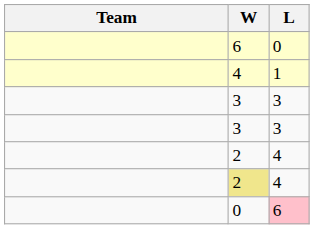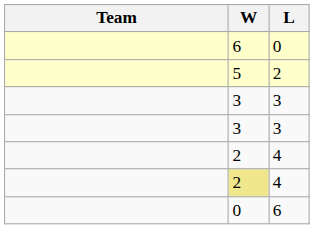 <table class="wikitable">
 <tr>
 <th width="200px">Team</th>
 <th width="30px">W</th>
 <th width="30px">L</th>
 </tr>
 <tr bgcolor=#ffffcc>
 <td></td>
 <td>6</td>
 <td>0</td>
 </tr>
 <tr bgcolor=#ffffcc>
 <td></td>
-<td>4</td>
-<td>1</td>
+<td>5</td>
+<td>2</td>
 </tr>
 <tr>
 <td></td>
 <td>3</td>
 <td>3</td>
 </tr>
 <tr>
 <td></td>
 <td>3</td>
 <td>3</td>
 </tr>
 <tr>
 <td></td>
 <td>2</td>
 <td>4</td>
 </tr>
 <tr>
 <td></td>
 <td style="background: khaki;">2</td>
 <td>4</td>
 </tr>
 <tr>
 <td></td>
 <td>0</td>
-<td style="background: pink;">6</td>
+<td>6</td>
 </tr>
 </table>
